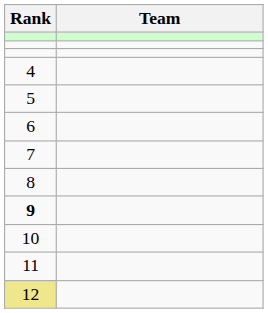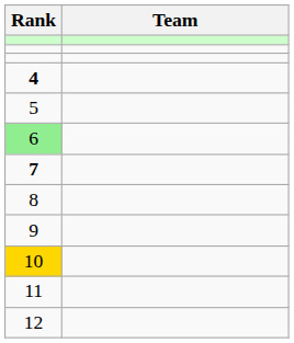 <table class="wikitable" style="text-align: center;">
 <tr>
 <th width=40>Rank</th>
 <th width=180>Team</th>
 </tr>
 <tr bgcolor=#CCFFCC>
 <td></td>
 <td align="left"></td>
 </tr>
 <tr>
 <td></td>
 <td align="left"></td>
 </tr>
 <tr>
 <td></td>
 <td align="left"></td>
 </tr>
 <tr>
-<td>4</td>
+<td><strong>4</strong></td>
 <td align="left"></td>
 </tr>
 <tr>
 <td>5</td>
 <td align="left"></td>
 </tr>
 <tr>
-<td>6</td>
+<td style="background: lightgreen;">6</td>
 <td align="left"></td>
 </tr>
 <tr>
-<td>7</td>
+<td><strong>7</strong></td>
 <td align="left"></td>
 </tr>
 <tr>
 <td>8</td>
 <td align="left"></td>
 </tr>
 <tr>
-<td><strong>9</strong></td>
+<td>9</td>
 <td align="left"></td>
 </tr>
 <tr>
-<td>10</td>
+<td style="background: gold;">10</td>
 <td align="left"></td>
 </tr>
 <tr>
 <td>11</td>
 <td align="left"></td>
 </tr>
 <tr>
-<td style="background: khaki;">12</td>
+<td>12</td>
 <td align="left"></td>
 </tr>
 </table>
